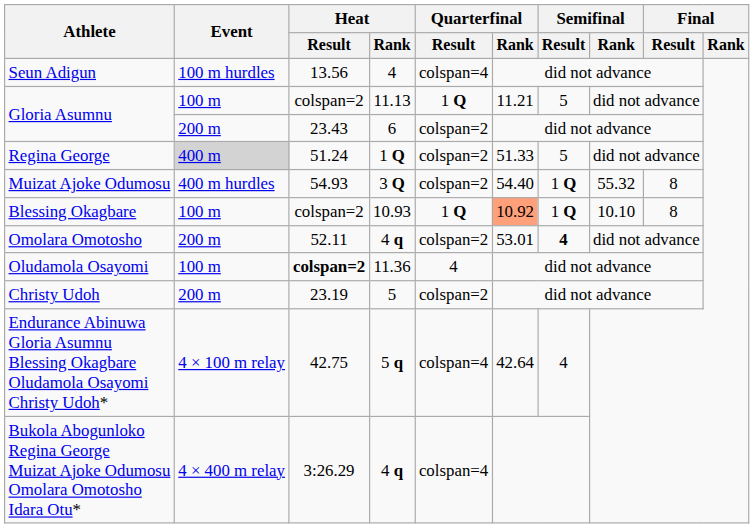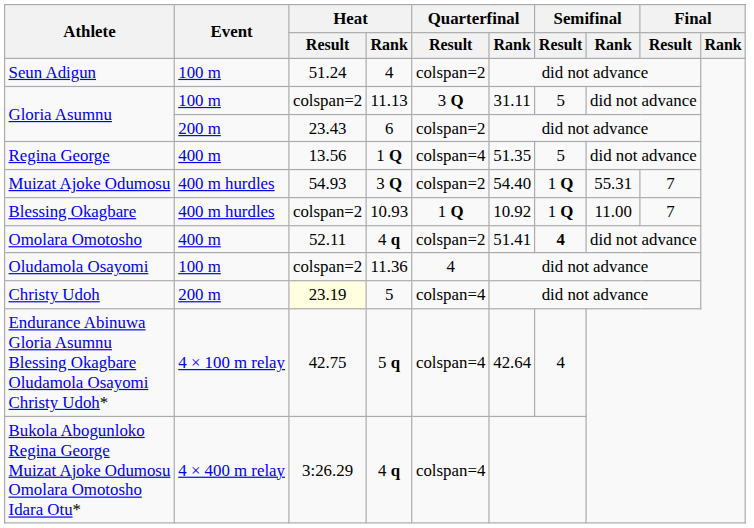 <table class="wikitable" style="font-size:90%">
 <tr>
 <th rowspan="2">Athlete</th>
 <th rowspan="2">Event</th>
 <th colspan="2">Heat</th>
 <th colspan="2">Quarterfinal</th>
 <th colspan="2">Semifinal</th>
 <th colspan="2">Final</th>
 </tr>
 <tr style="font-size:95%">
 <th>Result</th>
 <th>Rank</th>
 <th>Result</th>
 <th>Rank</th>
 <th>Result</th>
 <th>Rank</th>
 <th>Result</th>
 <th>Rank</th>
 </tr>
 <tr align=center>
 <td align=left><a href='#'>Seun Adigun</a></td>
-<td align=left><a href='#'>100 m hurdles</a></td>
-<td>13.56</td>
+<td align=left><a href='#'>100 m</a></td>
+<td>51.24</td>
 <td>4</td>
-<td>colspan=4 </td>
+<td>colspan=2 </td>
 <td colspan=4>did not advance</td>
 </tr>
 <tr align=center>
 <td align=left rowspan=2><a href='#'>Gloria Asumnu</a></td>
 <td align=left><a href='#'>100 m</a></td>
 <td>colspan=2 </td>
 <td>11.13</td>
-<td>1 <strong>Q</strong></td>
-<td>11.21</td>
+<td>3 <strong>Q</strong></td>
+<td>31.11</td>
 <td>5</td>
 <td colspan=2>did not advance</td>
 </tr>
 <tr align=center>
 <td align=left><a href='#'>200 m</a></td>
 <td>23.43</td>
 <td>6</td>
 <td>colspan=2 </td>
 <td colspan=4>did not advance</td>
 </tr>
 <tr align=center>
 <td align=left><a href='#'>Regina George</a></td>
-<td align=left style="background: lightgrey;"><a href='#'>400 m</a></td>
-<td>51.24</td>
+<td align=left><a href='#'>400 m</a></td>
+<td>13.56</td>
 <td>1 <strong>Q</strong></td>
-<td>colspan=2 </td>
-<td>51.33</td>
+<td>colspan=4 </td>
+<td>51.35</td>
 <td>5</td>
 <td colspan=2>did not advance</td>
 </tr>
 <tr align=center>
 <td align=left><a href='#'>Muizat Ajoke Odumosu</a></td>
 <td align=left><a href='#'>400 m hurdles</a></td>
 <td>54.93</td>
 <td>3 <strong>Q</strong></td>
 <td>colspan=2 </td>
 <td>54.40</td>
 <td>1 <strong>Q</strong></td>
-<td>55.32</td>
-<td>8</td>
+<td>55.31</td>
+<td>7</td>
 </tr>
 <tr align=center>
 <td align=left><a href='#'>Blessing Okagbare</a></td>
-<td align=left><a href='#'>100 m</a></td>
+<td align=left><a href='#'>400 m hurdles</a></td>
 <td>colspan=2 </td>
 <td>10.93</td>
 <td>1 <strong>Q</strong></td>
-<td style="background: lightsalmon;">10.92</td>
+<td>10.92</td>
 <td>1 <strong>Q</strong></td>
-<td>10.10</td>
-<td>8</td>
+<td>11.00</td>
+<td>7</td>
 </tr>
 <tr align=center>
 <td align=left><a href='#'>Omolara Omotosho</a></td>
-<td align=left><a href='#'>200 m</a></td>
+<td align=left><a href='#'>400 m</a></td>
 <td>52.11</td>
 <td>4 <strong>q</strong></td>
 <td>colspan=2 </td>
-<td>53.01</td>
+<td>51.41</td>
 <td><strong>4</strong></td>
 <td colspan=2>did not advance</td>
 </tr>
 <tr align=center>
 <td align=left><a href='#'>Oludamola Osayomi</a></td>
 <td align=left><a href='#'>100 m</a></td>
-<td><strong>colspan=2 </strong></td>
+<td>colspan=2 </td>
 <td>11.36</td>
 <td>4</td>
 <td colspan=4>did not advance</td>
 </tr>
 <tr align=center>
 <td align=left><a href='#'>Christy Udoh</a></td>
 <td align=left><a href='#'>200 m</a></td>
-<td>23.19</td>
+<td style="background: lightyellow;">23.19</td>
 <td>5</td>
-<td>colspan=2 </td>
+<td>colspan=4 </td>
 <td colspan=4>did not advance</td>
 </tr>
 <tr align=center>
 <td align=left><a href='#'>Endurance Abinuwa</a><br><a href='#'>Gloria Asumnu</a><br><a href='#'>Blessing Okagbare</a><br><a href='#'>Oludamola Osayomi</a><br><a href='#'>Christy Udoh</a>*</td>
 <td align=left><a href='#'>4 × 100 m relay</a></td>
 <td>42.75</td>
 <td>5 <strong>q</strong></td>
 <td>colspan=4 </td>
 <td>42.64</td>
 <td>4</td>
 </tr>
 <tr align=center>
 <td align=left><a href='#'>Bukola Abogunloko</a><br><a href='#'>Regina George</a><br><a href='#'>Muizat Ajoke Odumosu</a><br><a href='#'>Omolara Omotosho</a><br><a href='#'>Idara Otu</a>*</td>
 <td align=left><a href='#'>4 × 400 m relay</a></td>
 <td>3:26.29</td>
 <td>4 <strong>q</strong></td>
 <td>colspan=4 </td>
 <td colspan=2></td>
 </tr>
 </table>
